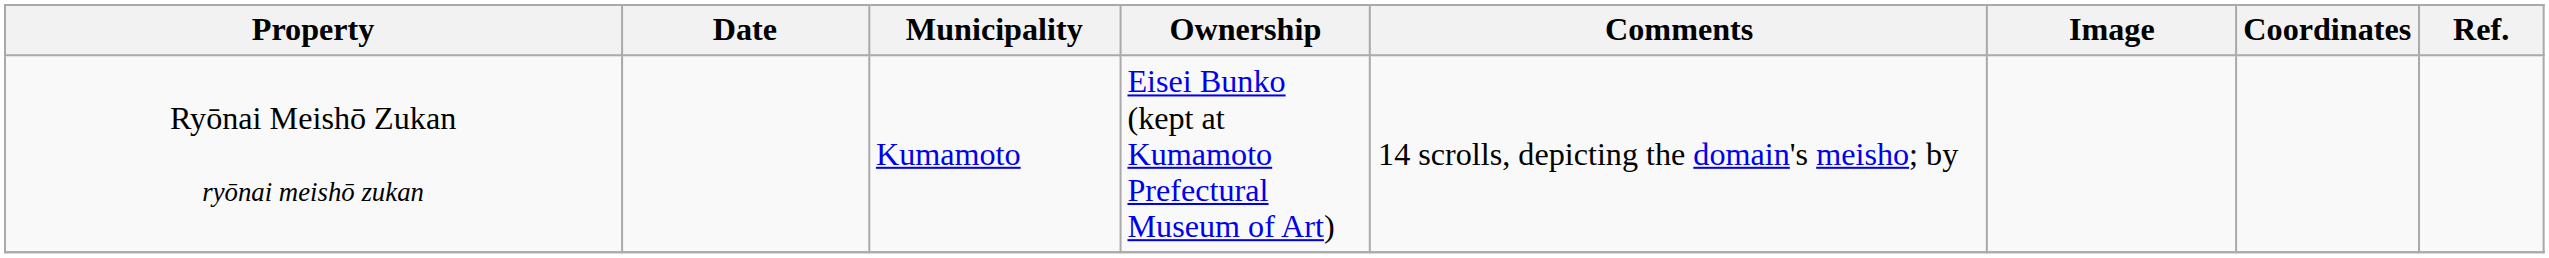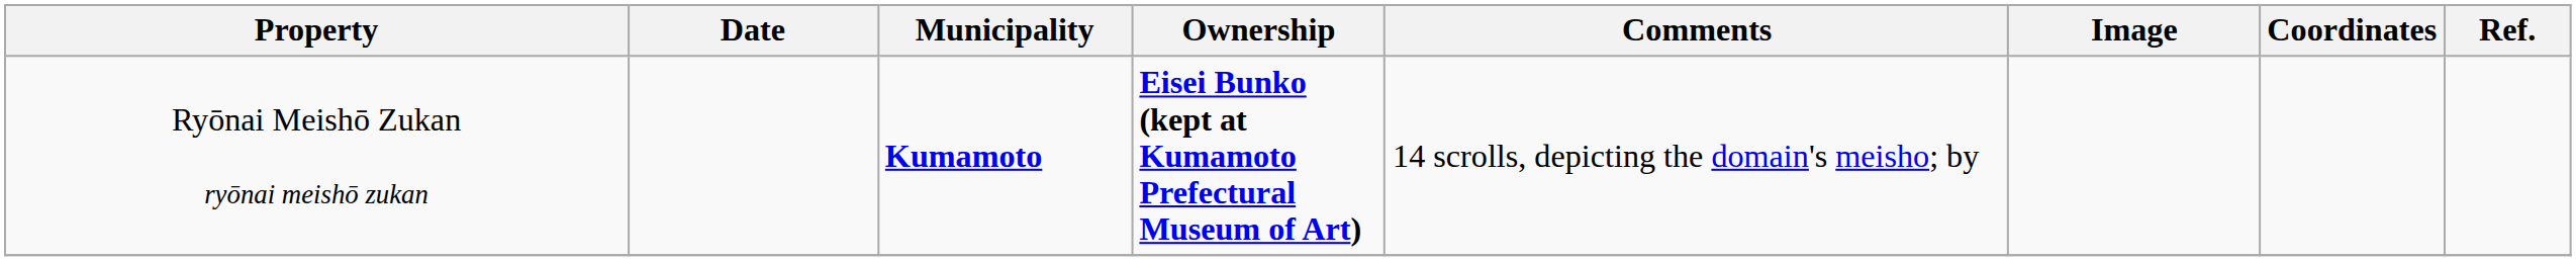 <table class="wikitable sortable"  style="width:100%;">
 <tr>
 <th width="25%" align="left">Property</th>
 <th width="10%" align="left">Date</th>
 <th width="10%" align="left">Municipality</th>
 <th width="10%" align="left">Ownership</th>
 <th width="25%" align="left" class="unsortable">Comments</th>
 <th width="10%" align="left" class="unsortable">Image</th>
 <th width="5%" align="left" class="unsortable">Coordinates</th>
 <th width="5%" align="left" class="unsortable">Ref.</th>
 </tr>
 <tr>
 <td align="center">Ryōnai Meishō Zukan<br><br><small><em>ryōnai meishō zukan</em></small></td>
 <td></td>
-<td><a href='#'>Kumamoto</a></td>
-<td><a href='#'>Eisei Bunko</a><br>(kept at <a href='#'>Kumamoto Prefectural Museum of Art</a>)</td>
+<td><strong><a href='#'>Kumamoto</a></strong></td>
+<td><strong><a href='#'>Eisei Bunko</a><br>(kept at <a href='#'>Kumamoto Prefectural Museum of Art</a>)</strong></td>
 <td>14 scrolls, depicting the <a href='#'>domain</a>'s <a href='#'>meisho</a>;  by </td>
 <td></td>
 <td></td>
 <td></td>
 </tr>
 <tr>
 </tr>
 </table>
